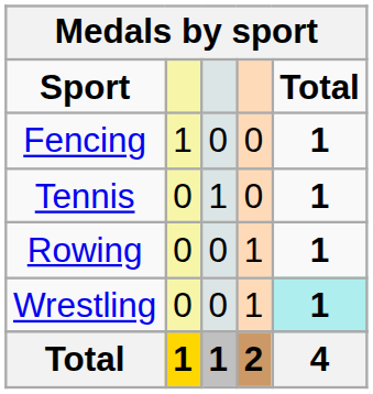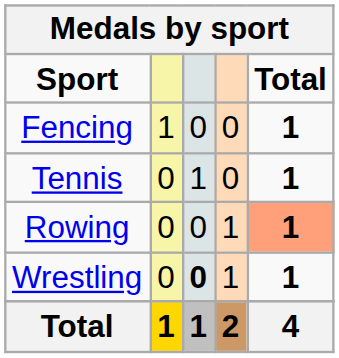 <table class=wikitable style="font-size:85%; float:right">
 <tr bgcolor=efefef>
 <th colspan=7>Medals by sport</th>
 </tr>
 <tr align=center>
 <td><strong>Sport</strong></td>
 <td bgcolor=f7f6a8></td>
 <td bgcolor=dce5e5></td>
 <td bgcolor=ffdab9></td>
 <td><strong>Total</strong></td>
 </tr>
 <tr align=center>
 <td><a href='#'>Fencing</a></td>
 <td bgcolor=F7F6A8>1</td>
 <td bgcolor=DCE5E5>0</td>
 <td bgcolor=FFDAB9>0</td>
 <td><strong>1</strong></td>
 </tr>
 <tr align=center>
 <td><a href='#'>Tennis</a></td>
 <td bgcolor=F7F6A8>0</td>
 <td bgcolor=DCE5E5>1</td>
 <td bgcolor=FFDAB9>0</td>
 <td><strong>1</strong></td>
 </tr>
 <tr align=center>
 <td><a href='#'>Rowing</a></td>
 <td bgcolor=F7F6A8>0</td>
 <td bgcolor=DCE5E5>0</td>
 <td bgcolor=FFDAB9>1</td>
-<td><strong>1</strong></td>
+<td style="background: lightsalmon;"><strong>1</strong></td>
 </tr>
 <tr align=center>
 <td><a href='#'>Wrestling</a></td>
 <td bgcolor=F7F6A8>0</td>
-<td bgcolor=DCE5E5>0</td>
+<td bgcolor=DCE5E5><strong>0</strong></td>
 <td bgcolor=FFDAB9>1</td>
-<td style="background: paleturquoise;"><strong>1</strong></td>
+<td><strong>1</strong></td>
 </tr>
 <tr>
 </tr>
 <tr align=center>
 <th>Total</th>
 <th style="background:gold">1</th>
 <th style="background:silver">1</th>
 <th style="background:#c96">2</th>
 <th>4</th>
 </tr>
 </table>
